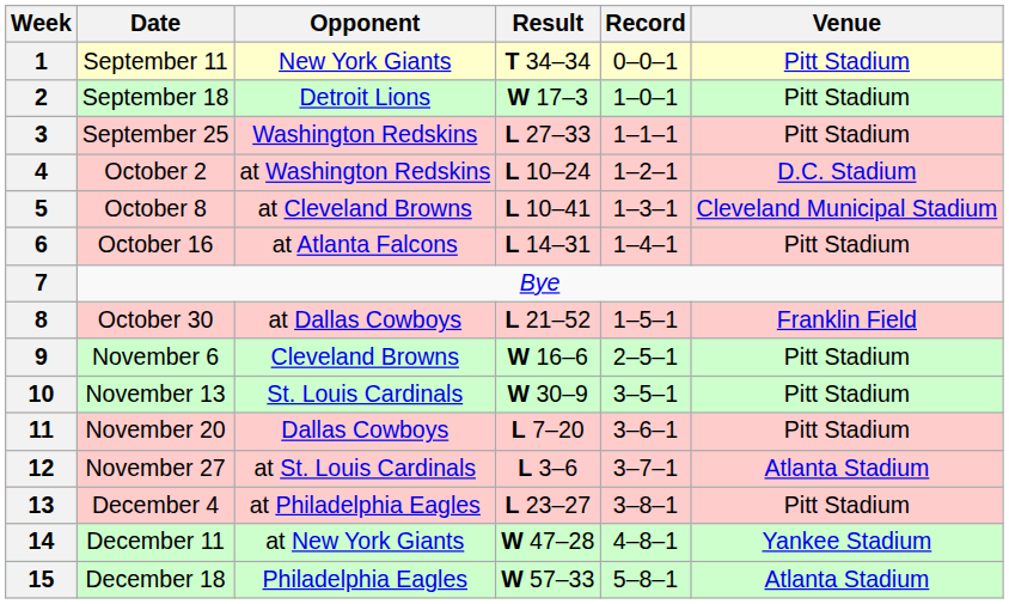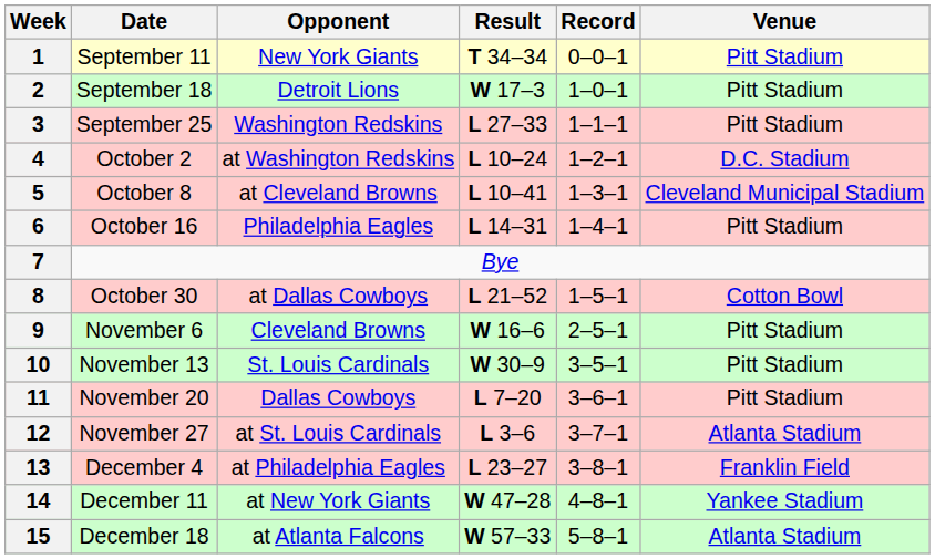 <table class="wikitable" style="text-align:center">
 <tr>
 <th>Week</th>
 <th>Date</th>
 <th>Opponent</th>
 <th>Result</th>
 <th>Record</th>
 <th>Venue</th>
 </tr>
 <tr style="background:#ffc">
 <th>1</th>
 <td>September 11</td>
 <td><a href='#'>New York Giants</a></td>
 <td><strong>T</strong> 34–34</td>
 <td>0–0–1</td>
 <td><a href='#'>Pitt Stadium</a></td>
 </tr>
 <tr style="background:#cfc">
 <th>2</th>
 <td>September 18</td>
 <td><a href='#'>Detroit Lions</a></td>
 <td><strong>W</strong> 17–3</td>
 <td>1–0–1</td>
 <td>Pitt Stadium</td>
 </tr>
 <tr style="background:#fcc">
 <th>3</th>
 <td>September 25</td>
 <td><a href='#'>Washington Redskins</a></td>
 <td><strong>L</strong> 27–33</td>
 <td>1–1–1</td>
 <td>Pitt Stadium</td>
 </tr>
 <tr style="background:#fcc">
 <th>4</th>
 <td>October 2</td>
 <td>at <a href='#'>Washington Redskins</a></td>
 <td><strong>L</strong> 10–24</td>
 <td>1–2–1</td>
 <td><a href='#'>D.C. Stadium</a></td>
 </tr>
 <tr style="background:#fcc">
 <th>5</th>
 <td>October 8</td>
 <td>at <a href='#'>Cleveland Browns</a></td>
 <td><strong>L</strong> 10–41</td>
 <td>1–3–1</td>
 <td><a href='#'>Cleveland Municipal Stadium</a></td>
 </tr>
 <tr style="background:#fcc">
 <th>6</th>
 <td>October 16</td>
-<td>at <a href='#'>Atlanta Falcons</a></td>
+<td><a href='#'>Philadelphia Eagles</a></td>
 <td><strong>L</strong> 14–31</td>
 <td>1–4–1</td>
 <td>Pitt Stadium</td>
 </tr>
 <tr>
 <th>7</th>
 <td colspan="6"><em><a href='#'>Bye</a></em></td>
 </tr>
 <tr style="background:#fcc">
 <th>8</th>
 <td>October 30</td>
 <td>at <a href='#'>Dallas Cowboys</a></td>
 <td><strong>L</strong> 21–52</td>
 <td>1–5–1</td>
-<td><a href='#'>Franklin Field</a></td>
+<td><a href='#'>Cotton Bowl</a></td>
 </tr>
 <tr style="background:#cfc">
 <th>9</th>
 <td>November 6</td>
 <td><a href='#'>Cleveland Browns</a></td>
 <td><strong>W</strong> 16–6</td>
 <td>2–5–1</td>
 <td>Pitt Stadium</td>
 </tr>
 <tr style="background:#cfc">
 <th>10</th>
 <td>November 13</td>
 <td><a href='#'>St. Louis Cardinals</a></td>
 <td><strong>W</strong> 30–9</td>
 <td>3–5–1</td>
 <td>Pitt Stadium</td>
 </tr>
 <tr style="background:#fcc">
 <th>11</th>
 <td>November 20</td>
 <td><a href='#'>Dallas Cowboys</a></td>
 <td><strong>L</strong> 7–20</td>
 <td>3–6–1</td>
 <td>Pitt Stadium</td>
 </tr>
 <tr style="background:#fcc">
 <th>12</th>
 <td>November 27</td>
 <td>at <a href='#'>St. Louis Cardinals</a></td>
 <td><strong>L</strong> 3–6</td>
 <td>3–7–1</td>
 <td><a href='#'>Atlanta Stadium</a></td>
 </tr>
 <tr style="background:#fcc">
 <th>13</th>
 <td>December 4</td>
 <td>at <a href='#'>Philadelphia Eagles</a></td>
 <td><strong>L</strong> 23–27</td>
 <td>3–8–1</td>
-<td>Pitt Stadium</td>
+<td><a href='#'>Franklin Field</a></td>
 </tr>
 <tr style="background:#cfc">
 <th>14</th>
 <td>December 11</td>
 <td>at <a href='#'>New York Giants</a></td>
 <td><strong>W</strong> 47–28</td>
 <td>4–8–1</td>
 <td><a href='#'>Yankee Stadium</a></td>
 </tr>
 <tr style="background:#cfc">
 <th>15</th>
 <td>December 18</td>
-<td><a href='#'>Philadelphia Eagles</a></td>
+<td>at <a href='#'>Atlanta Falcons</a></td>
 <td><strong>W</strong> 57–33 </td>
 <td>5–8–1</td>
 <td><a href='#'>Atlanta Stadium</a></td>
 </tr>
 </table>
